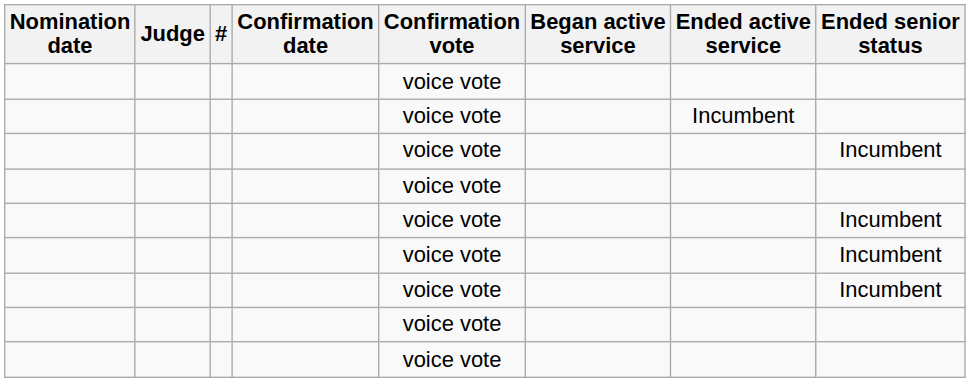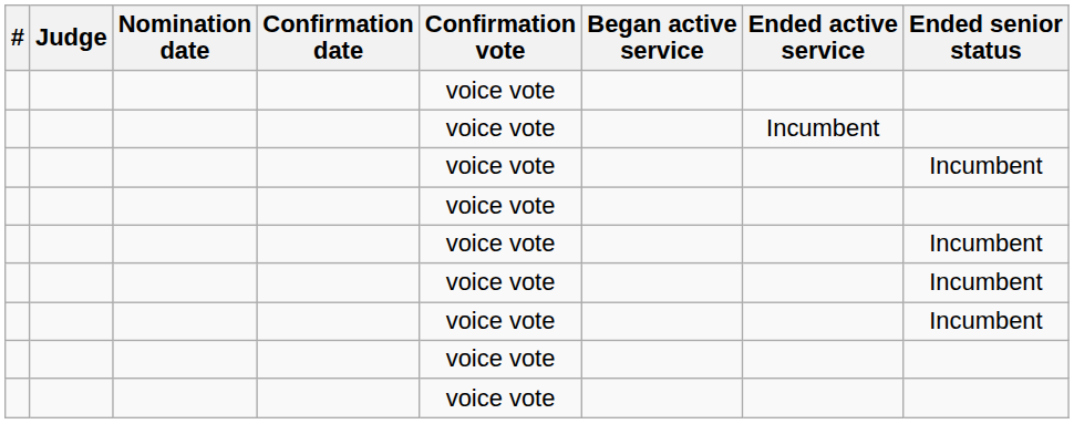 <table class="sortable wikitable">
 <tr>
+<th>#</th>
+<th>Judge</th>
 <th>Nomination<br>date</th>
-<th>Judge</th>
-<th>#</th>
 <th>Confirmation<br>date</th>
 <th>Confirmation<br>vote</th>
 <th>Began active<br>service</th>
 <th>Ended active<br>service</th>
 <th>Ended senior<br>status</th>
 </tr>
 <tr>
 <td></td>
 <td></td>
 <td></td>
 <td></td>
 <td align=center>voice vote</td>
 <td></td>
 <td></td>
 <td></td>
 </tr>
 <tr>
 <td></td>
 <td></td>
 <td></td>
 <td></td>
 <td align=center>voice vote</td>
 <td></td>
 <td align=center>Incumbent</td>
 <td align=center></td>
 </tr>
 <tr>
 <td></td>
 <td></td>
 <td></td>
 <td></td>
 <td align=center>voice vote</td>
 <td></td>
 <td></td>
 <td align=center>Incumbent</td>
 </tr>
 <tr>
 <td></td>
 <td></td>
 <td></td>
 <td></td>
 <td align=center>voice vote</td>
 <td></td>
 <td align=center></td>
 <td align=center></td>
 </tr>
 <tr>
 <td></td>
 <td></td>
 <td></td>
 <td></td>
 <td align=center>voice vote</td>
 <td></td>
 <td></td>
 <td align=center>Incumbent</td>
 </tr>
 <tr>
 <td></td>
 <td></td>
 <td></td>
 <td></td>
 <td align=center>voice vote</td>
 <td></td>
 <td></td>
 <td align=center>Incumbent</td>
 </tr>
 <tr>
 <td></td>
 <td></td>
 <td></td>
 <td></td>
 <td align=center>voice vote</td>
 <td></td>
 <td></td>
 <td align=center>Incumbent</td>
 </tr>
 <tr>
 <td></td>
 <td></td>
 <td></td>
 <td></td>
 <td align=center>voice vote</td>
 <td></td>
 <td></td>
 <td></td>
 </tr>
 <tr>
 <td></td>
 <td></td>
 <td></td>
 <td></td>
 <td align=center>voice vote</td>
 <td></td>
 <td></td>
 <td></td>
 </tr>
 </table>
